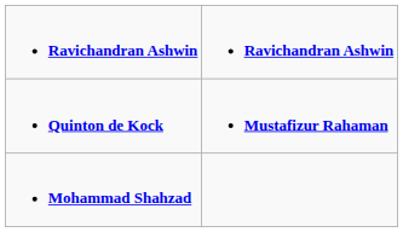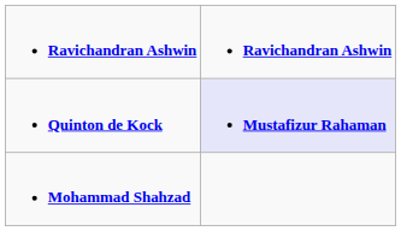 <table class=wikitable>
 <tr>
 <td valign="top" width="50%"><br><ul><li><strong> <a href='#'>Ravichandran Ashwin</a></strong></li></ul></td>
 <td valign="top" width="50%"><br><ul><li><strong> <a href='#'>Ravichandran Ashwin</a></strong></li></ul></td>
 </tr>
 <tr>
 <td valign="top" width="50%"><br><ul><li><strong> <a href='#'>Quinton de Kock</a></strong></li></ul></td>
-<td valign="top" width="50%"><br><ul><li><strong> <a href='#'>Mustafizur Rahaman</a></strong></li></ul></td>
+<td valign="top" width="50%" style="background: lavender;"><br><ul><li><strong> <a href='#'>Mustafizur Rahaman</a></strong></li></ul></td>
 </tr>
 <tr>
 <td valign="top" width="50%"><br><ul><li><strong> <a href='#'>Mohammad Shahzad</a></strong></li></ul></td>
 </tr>
 </table>
